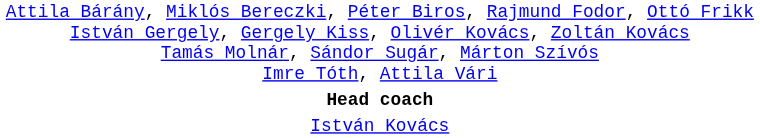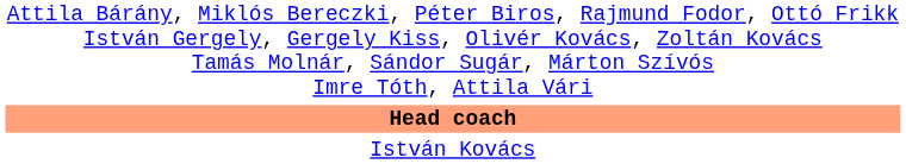 <table style="text-align: center; margin-top: 2em; margin-left: auto; margin-right: auto">
 <tr>
 <td><a href='#'>Attila Bárány</a>, <a href='#'>Miklós Bereczki</a>, <a href='#'>Péter Biros</a>, <a href='#'>Rajmund Fodor</a>, <a href='#'>Ottó Frikk</a><br><a href='#'>István Gergely</a>, <a href='#'>Gergely Kiss</a>, <a href='#'>Olivér Kovács</a>, <a href='#'>Zoltán Kovács</a><br><a href='#'>Tamás Molnár</a>, <a href='#'>Sándor Sugár</a>, <a href='#'>Márton Szívós</a><br><a href='#'>Imre Tóth</a>, <a href='#'>Attila Vári</a></td>
 </tr>
 <tr>
-<td><strong>Head coach</strong></td>
+<td style="background: lightsalmon;"><strong>Head coach</strong></td>
 </tr>
 <tr>
 <td><a href='#'>István Kovács</a></td>
 </tr>
 </table>
